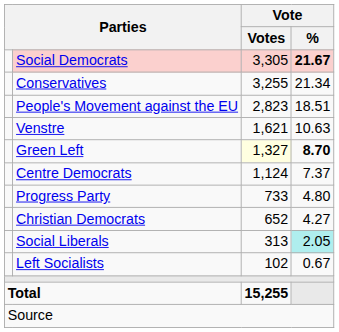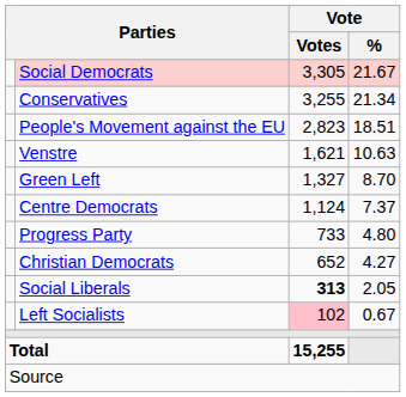 <table class="wikitable" style="text-align:right;">
 <tr>
 <th style="text-align:centre;" rowspan="2" colspan="2" width="225">Parties</th>
 <th colspan="3">Vote</th>
 </tr>
 <tr>
 <th width="15">Votes</th>
 <th width="15">%</th>
 </tr>
 <tr>
 <td width="2" style="color:inherit;background:"></td>
 <td bgcolor=#fbd0ce   align="left"><a href='#'>Social Democrats</a></td>
 <td bgcolor=#fbd0ce>3,305</td>
-<td bgcolor=#fbd0ce><strong>21.67</strong></td>
+<td bgcolor=#fbd0ce>21.67</td>
 </tr>
 <tr>
 <td width="2" style="color:inherit;background:"></td>
 <td align="left"><a href='#'>Conservatives</a></td>
 <td>3,255</td>
 <td>21.34</td>
 </tr>
 <tr>
 <td width="2" style="color:inherit;background:"></td>
 <td align="left"><a href='#'>People's Movement against the EU</a></td>
 <td>2,823</td>
 <td>18.51</td>
 </tr>
 <tr>
 <td width="2" style="color:inherit;background:"></td>
 <td align="left"><a href='#'>Venstre</a></td>
 <td>1,621</td>
 <td>10.63</td>
 </tr>
 <tr>
 <td width="2" style="color:inherit;background:"></td>
 <td align="left"><a href='#'>Green Left</a></td>
-<td style="background: lightyellow;">1,327</td>
-<td><strong>8.70</strong></td>
+<td>1,327</td>
+<td>8.70</td>
 </tr>
 <tr>
 <td width="2" style="color:inherit;background:"></td>
 <td align="left"><a href='#'>Centre Democrats</a></td>
 <td>1,124</td>
 <td>7.37</td>
 </tr>
 <tr>
 <td width="2" style="color:inherit;background:"></td>
 <td align="left"><a href='#'>Progress Party</a></td>
 <td>733</td>
 <td>4.80</td>
 </tr>
 <tr>
 <td width="2" style="color:inherit;background:"></td>
 <td align="left"><a href='#'>Christian Democrats</a></td>
 <td>652</td>
 <td>4.27</td>
 </tr>
 <tr>
 <td width="2" style="color:inherit;background:"></td>
 <td align="left"><a href='#'>Social Liberals</a></td>
-<td>313</td>
-<td style="background: paleturquoise;">2.05</td>
+<td><strong>313</strong></td>
+<td>2.05</td>
 </tr>
 <tr>
 <td width="2" style="color:inherit;background:"></td>
 <td align="left"><a href='#'>Left Socialists</a></td>
-<td>102</td>
+<td style="background: pink;">102</td>
 <td>0.67</td>
 </tr>
 <tr>
 <td colspan="7" bgcolor="#E9E9E9"></td>
 </tr>
 <tr>
 <td align="left" colspan="2"><strong>Total</strong></td>
 <td><strong>15,255</strong></td>
 <td bgcolor="#E9E9E9" colspan="2"></td>
 </tr>
 <tr>
 <td align="left" colspan="6">Source</td>
 </tr>
 </table>
